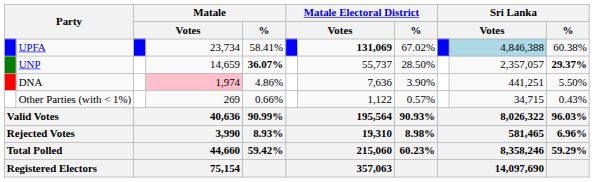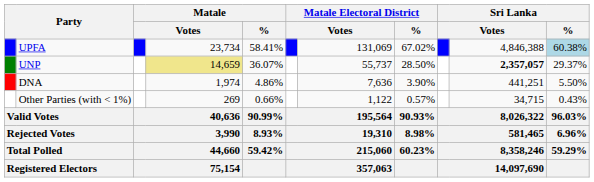 <table class="wikitable">
 <tr>
 <th colspan="2" width="144px"rowspan="2">Party</th>
 <th colspan="3" width="216px">Matale</th>
 <th colspan="3" width="216px"><a href='#'>Matale Electoral District</a></th>
 <th colspan="3" width="216px">Sri Lanka</th>
 </tr>
 <tr>
 <th colspan="2" width="144px">Votes</th>
 <th>%</th>
 <th colspan="2" width="144px">Votes</th>
 <th>%</th>
 <th colspan="2" width="144px">Votes</th>
 <th>%</th>
 </tr>
 <tr>
 <td style="background-color:blue;" width="10px"></td>
 <td style="text-align:left;"><a href='#'>UPFA</a></td>
 <td style="background-color:blue;" width="10px"></td>
 <td style="text-align:right;">23,734</td>
 <td style="text-align:right;">58.41%</td>
 <td style="background-color:blue;" width="10px"></td>
-<td style="text-align:right;"><strong>131,069</strong></td>
+<td style="text-align:right;">131,069</td>
 <td style="text-align:right;">67.02%</td>
 <td style="background-color:blue;" width="10px"></td>
-<td style="background: lightblue; text-align:right;">4,846,388</td>
-<td style="text-align:right;">60.38%</td>
+<td style="text-align:right;">4,846,388</td>
+<td style="background: lightblue; text-align:right;">60.38%</td>
 </tr>
 <tr>
 <td style="background-color:green;" width="10px"></td>
 <td style="text-align:left;"><a href='#'>UNP</a></td>
 <td style="background-color:white;" width="10px"></td>
-<td style="text-align:right;">14,659</td>
-<td style="text-align:right;"><strong>36.07%</strong></td>
+<td style="background: khaki; text-align:right;">14,659</td>
+<td style="text-align:right;">36.07%</td>
 <td style="background-color:white;" width="10px"></td>
 <td style="text-align:right;">55,737</td>
 <td style="text-align:right;">28.50%</td>
 <td style="background-color:white;" width="10px"></td>
-<td style="text-align:right;">2,357,057</td>
-<td style="text-align:right;"><strong>29.37%</strong></td>
+<td style="text-align:right;"><strong>2,357,057</strong></td>
+<td style="text-align:right;">29.37%</td>
 </tr>
 <tr>
 <td style="background-color:red;" width="10px"></td>
 <td style="text-align:left;">DNA</td>
 <td style="background-color:white;" width="10px"></td>
-<td style="background: pink; text-align:right;">1,974</td>
+<td style="text-align:right;">1,974</td>
 <td style="text-align:right;">4.86%</td>
 <td style="background-color:white;" width="10px"></td>
 <td style="text-align:right;">7,636</td>
 <td style="text-align:right;">3.90%</td>
 <td style="background-color:white;" width="10px"></td>
 <td style="text-align:right;">441,251</td>
 <td style="text-align:right;">5.50%</td>
 </tr>
 <tr>
 <td style="background-color:white;" width="10px"></td>
 <td style="text-align:left;">Other Parties (with < 1%)</td>
 <td style="background-color:white;" width="10px"></td>
 <td style="text-align:right;">269</td>
 <td style="text-align:right;">0.66%</td>
 <td style="background-color:white;" width="10px"></td>
 <td style="text-align:right;">1,122</td>
 <td style="text-align:right;">0.57%</td>
 <td style="background-color:white;" width="10px"></td>
 <td style="text-align:right;">34,715</td>
 <td style="text-align:right;">0.43%</td>
 </tr>
 <tr>
 <th colspan="2" width="144px"style="text-align:left;">Valid Votes</th>
 <th style="text-align:right;"colspan="2" width="144px">40,636</th>
 <th style="text-align:right;">90.99%</th>
 <th style="text-align:right;"colspan="2" width="144px">195,564</th>
 <th style="text-align:right;">90.93%</th>
 <th style="text-align:right;"colspan="2" width="144px">8,026,322</th>
 <th style="text-align:right;">96.03%</th>
 </tr>
 <tr>
 <th colspan="2" width="144px"style="text-align:left;">Rejected Votes</th>
 <th style="text-align:right;"colspan="2" width="144px">3,990</th>
 <th style="text-align:right;">8.93%</th>
 <th style="text-align:right;"colspan="2" width="144px">19,310</th>
 <th style="text-align:right;">8.98%</th>
 <th style="text-align:right;"colspan="2" width="144px">581,465</th>
 <th style="text-align:right;">6.96%</th>
 </tr>
 <tr>
 <th colspan="2" width="144px"style="text-align:left;">Total Polled</th>
 <th style="text-align:right;"colspan="2" width="144px">44,660</th>
 <th style="text-align:right;">59.42%</th>
 <th style="text-align:right;"colspan="2" width="144px">215,060</th>
 <th style="text-align:right;">60.23%</th>
 <th style="text-align:right;"colspan="2" width="144px">8,358,246</th>
 <th style="text-align:right;">59.29%</th>
 </tr>
 <tr>
 <th colspan="2" width="144px"style="text-align:left;">Registered Electors</th>
 <th style="text-align:right;"colspan="2" width="144px">75,154</th>
 <th></th>
 <th style="text-align:right;"colspan="2" width="144px">357,063</th>
 <th></th>
 <th style="text-align:right;"colspan="2" width="144px">14,097,690</th>
 <th></th>
 </tr>
 </table>
